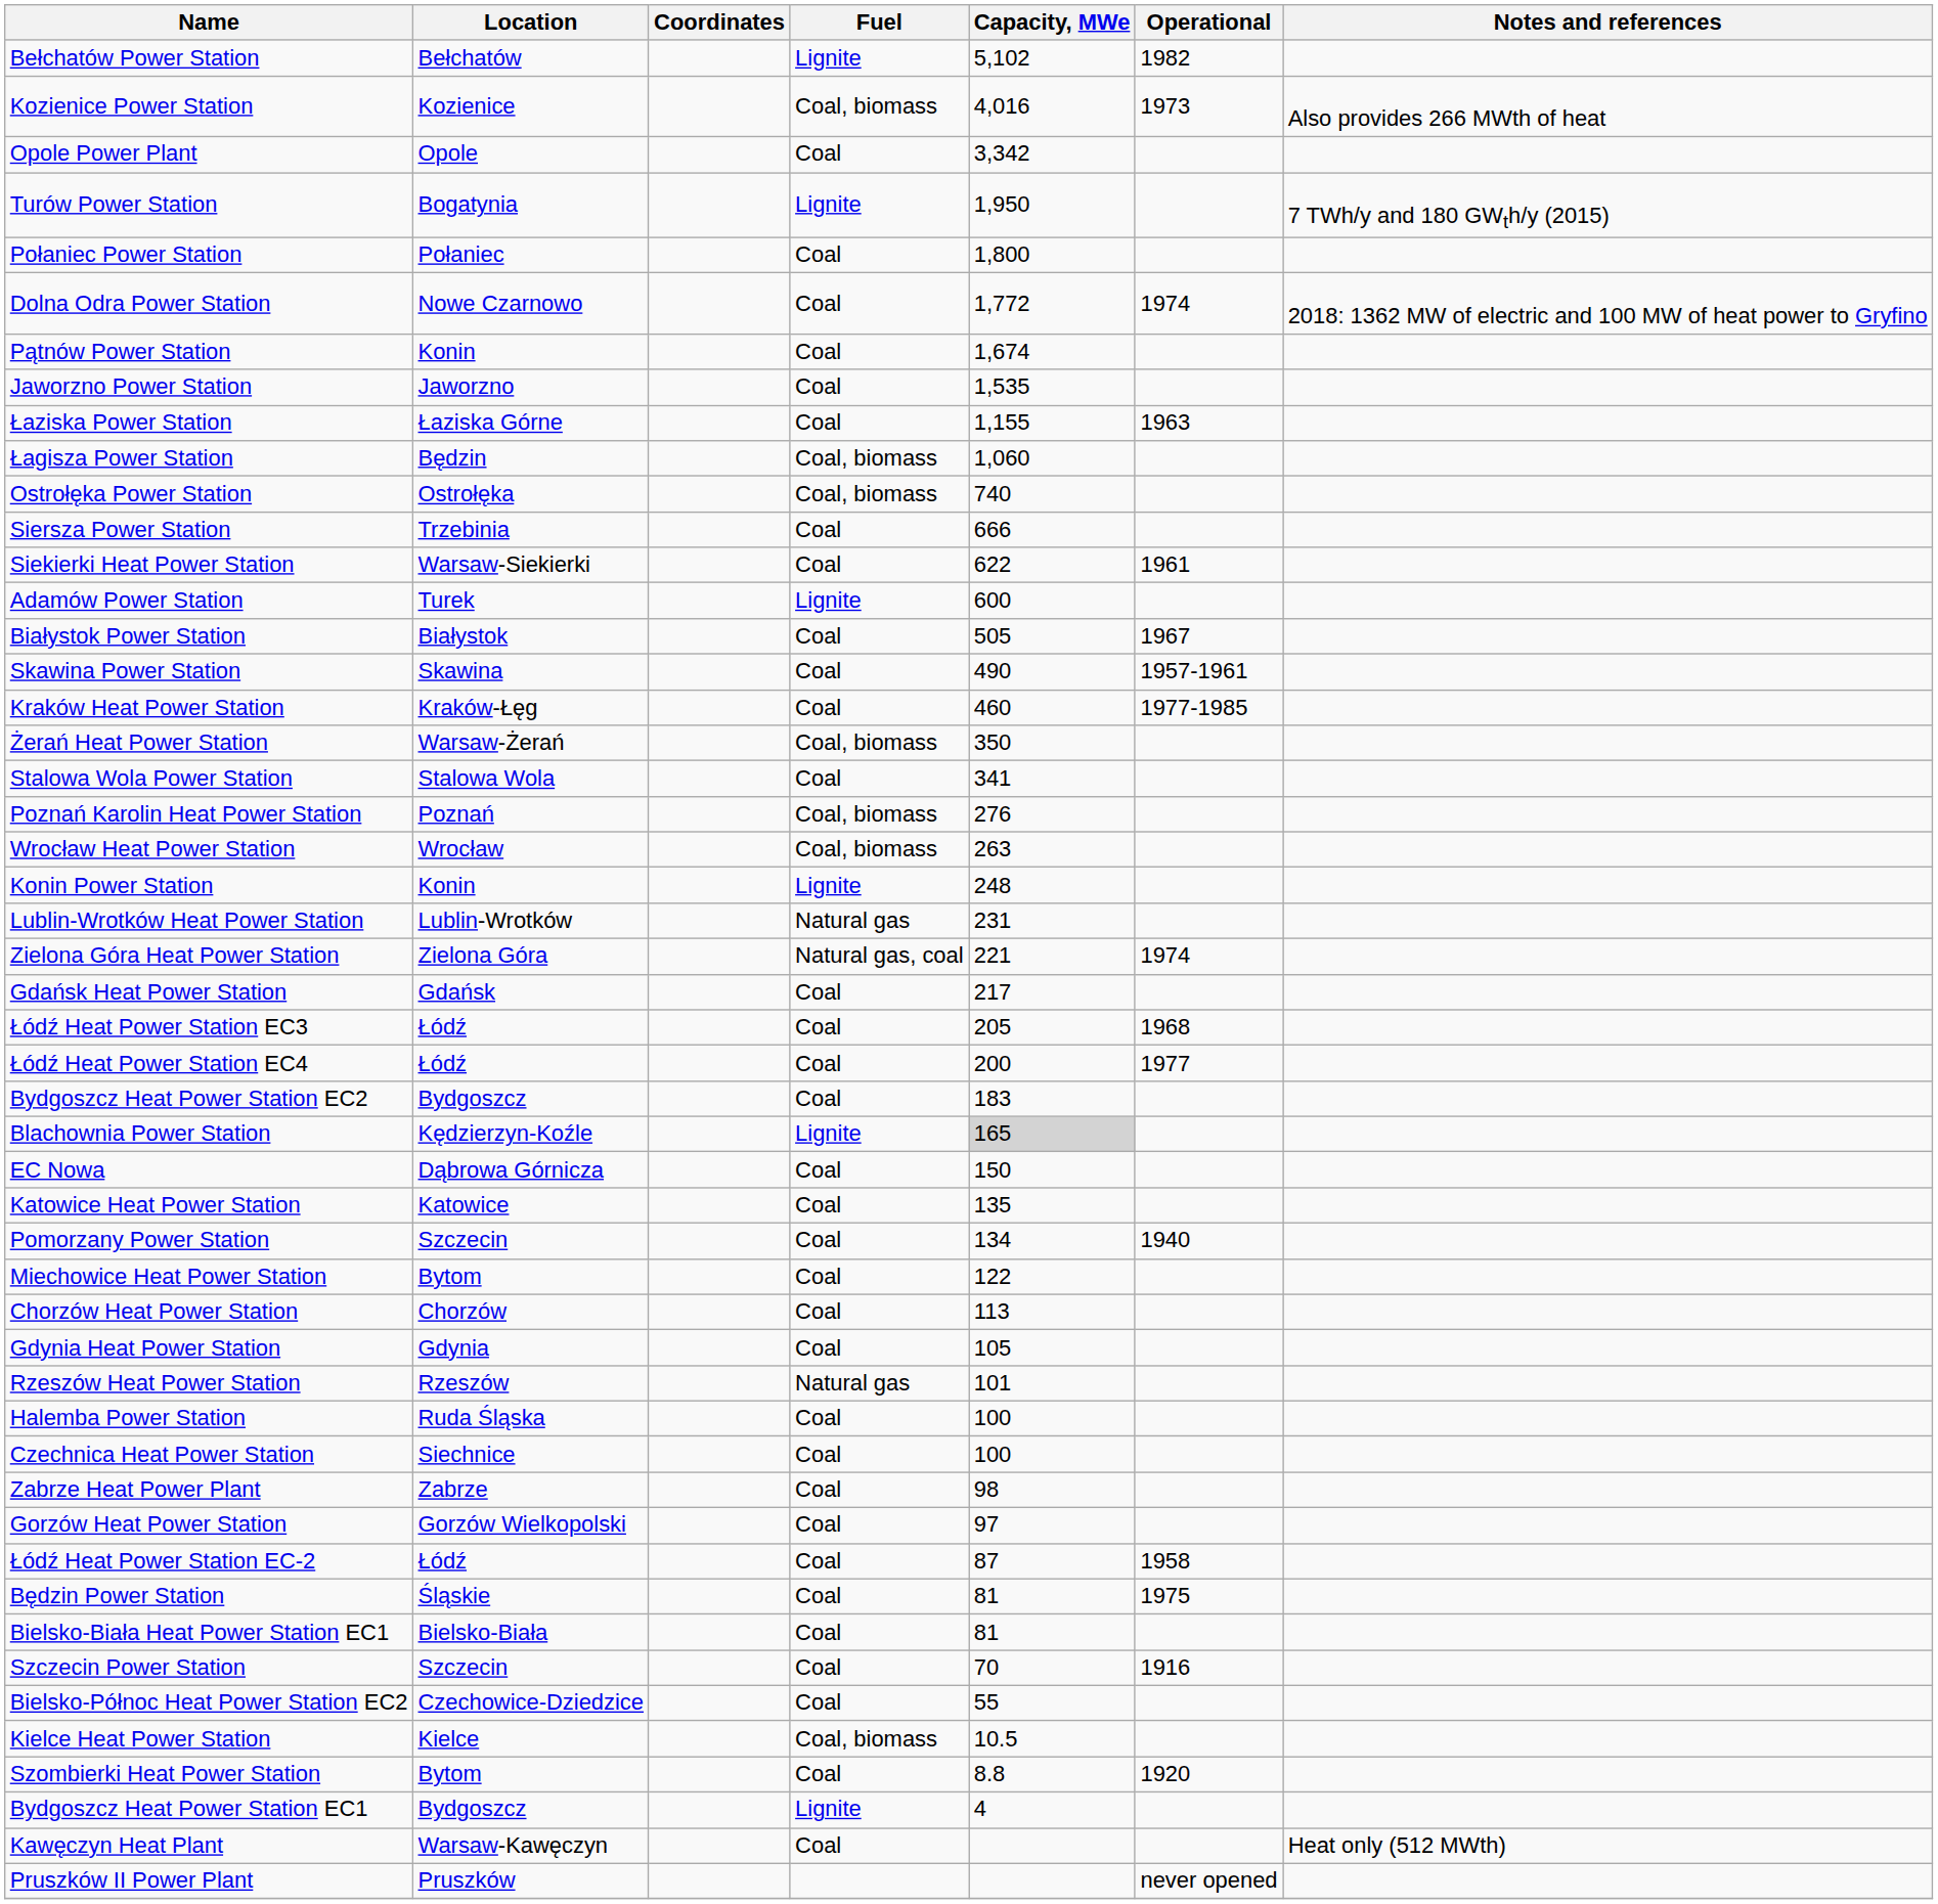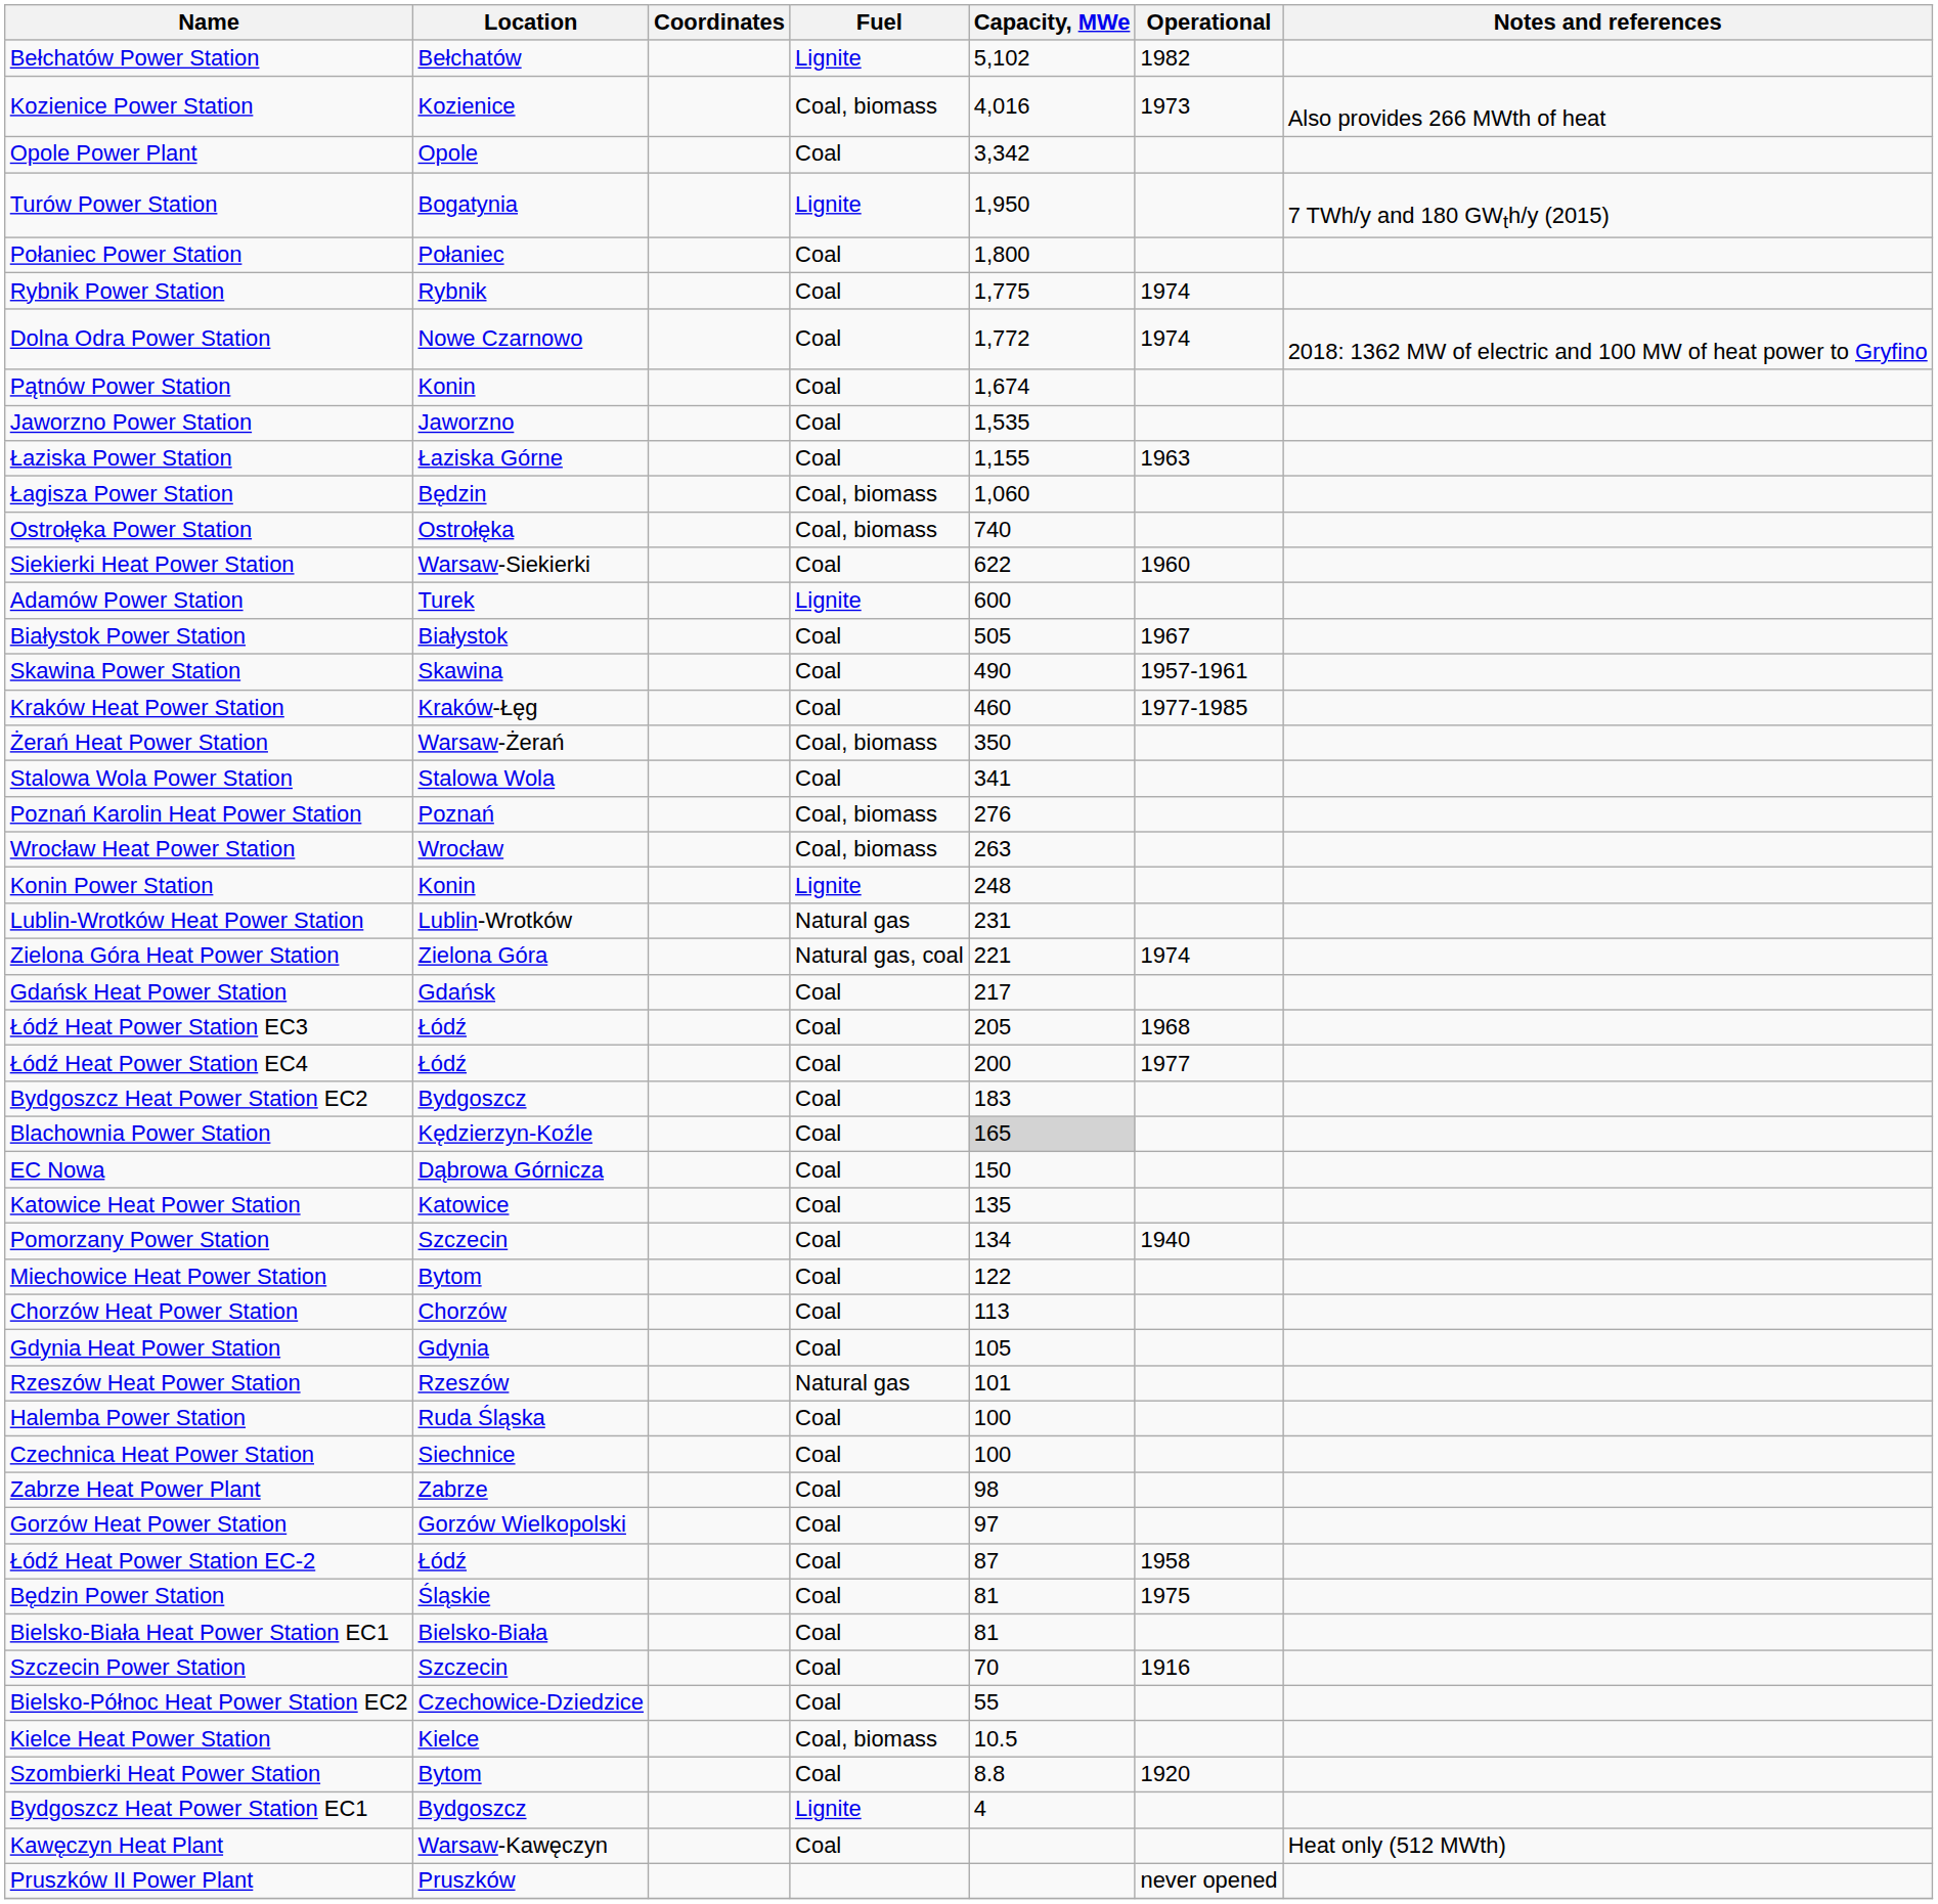 <table class="wikitable sortable">
 <tr>
 <th>Name</th>
 <th>Location</th>
 <th>Coordinates</th>
 <th>Fuel</th>
 <th>Capacity, <a href='#'>MWe</a></th>
 <th>Operational</th>
 <th>Notes and references</th>
 </tr>
 <tr>
 <td><a href='#'>Bełchatów Power Station</a></td>
 <td><a href='#'>Bełchatów</a></td>
 <td></td>
 <td><a href='#'>Lignite</a></td>
 <td>5,102</td>
 <td>1982</td>
 <td><br></td>
 </tr>
 <tr>
 <td><a href='#'>Kozienice Power Station</a></td>
 <td><a href='#'>Kozienice</a></td>
 <td></td>
 <td>Coal, biomass</td>
 <td>4,016</td>
 <td>1973</td>
 <td><br> Also provides 266 MWth of heat</td>
 </tr>
 <tr>
 <td><a href='#'>Opole Power Plant</a></td>
 <td><a href='#'>Opole</a></td>
 <td></td>
 <td>Coal</td>
 <td>3,342</td>
 <td></td>
 <td></td>
 </tr>
 <tr>
 <td><a href='#'>Turów Power Station</a></td>
 <td><a href='#'>Bogatynia</a></td>
 <td></td>
 <td><a href='#'>Lignite</a></td>
 <td>1,950</td>
 <td></td>
 <td><br> 7 TWh/y and 180 GW<sub>t</sub>h/y (2015)</td>
 </tr>
 <tr>
 <td><a href='#'>Połaniec Power Station</a></td>
 <td><a href='#'>Połaniec</a></td>
 <td></td>
 <td>Coal</td>
 <td>1,800</td>
 <td></td>
 <td></td>
 </tr>
 <tr>
+<td><a href='#'>Rybnik Power Station</a></td>
+<td><a href='#'>Rybnik</a></td>
+<td></td>
+<td>Coal</td>
+<td>1,775</td>
+<td>1974</td>
+<td><br></td>
+</tr>
+<tr>
 <td><a href='#'>Dolna Odra Power Station</a></td>
 <td><a href='#'>Nowe Czarnowo</a></td>
 <td></td>
 <td>Coal</td>
 <td>1,772</td>
 <td>1974</td>
 <td><br> 2018: 1362 MW of electric and 100 MW of heat power to <a href='#'>Gryfino</a></td>
 </tr>
 <tr>
 <td><a href='#'>Pątnów Power Station</a></td>
 <td><a href='#'>Konin</a></td>
 <td></td>
 <td>Coal</td>
 <td>1,674</td>
 <td></td>
 <td></td>
 </tr>
 <tr>
 <td><a href='#'>Jaworzno Power Station</a></td>
 <td><a href='#'>Jaworzno</a></td>
 <td></td>
 <td>Coal</td>
 <td>1,535</td>
 <td></td>
 <td><br></td>
 </tr>
 <tr>
 <td><a href='#'>Łaziska Power Station</a></td>
 <td><a href='#'>Łaziska Górne</a></td>
 <td></td>
 <td>Coal</td>
 <td>1,155</td>
 <td>1963</td>
 <td></td>
 </tr>
 <tr>
 <td><a href='#'>Łagisza Power Station</a></td>
 <td><a href='#'>Będzin</a></td>
 <td></td>
 <td>Coal, biomass</td>
 <td>1,060</td>
 <td></td>
 <td></td>
 </tr>
 <tr>
 <td><a href='#'>Ostrołęka Power Station</a></td>
 <td><a href='#'>Ostrołęka</a></td>
 <td></td>
 <td>Coal, biomass</td>
 <td>740</td>
 <td></td>
 <td></td>
 </tr>
 <tr>
-<td><a href='#'>Siersza Power Station</a></td>
-<td><a href='#'>Trzebinia</a></td>
-<td></td>
-<td>Coal</td>
-<td>666</td>
-<td></td>
-<td><br></td>
-</tr>
-<tr>
 <td><a href='#'>Siekierki Heat Power Station</a></td>
 <td><a href='#'>Warsaw</a>-Siekierki</td>
 <td></td>
 <td>Coal</td>
 <td>622</td>
-<td>1961</td>
+<td>1960</td>
 <td></td>
 </tr>
 <tr>
 <td><a href='#'>Adamów Power Station</a></td>
 <td><a href='#'>Turek</a></td>
 <td></td>
 <td><a href='#'>Lignite</a></td>
 <td>600</td>
 <td></td>
 <td></td>
 </tr>
 <tr>
 <td><a href='#'>Białystok Power Station</a></td>
 <td><a href='#'>Białystok</a></td>
 <td></td>
 <td>Coal</td>
 <td>505</td>
 <td>1967</td>
 <td><br></td>
 </tr>
 <tr>
 <td><a href='#'>Skawina Power Station</a></td>
 <td><a href='#'>Skawina</a></td>
 <td></td>
 <td>Coal</td>
 <td>490</td>
 <td>1957-1961</td>
 <td><br></td>
 </tr>
 <tr>
 <td><a href='#'>Kraków Heat Power Station</a></td>
 <td><a href='#'>Kraków</a>-Łęg</td>
 <td></td>
 <td>Coal</td>
 <td>460</td>
 <td>1977-1985</td>
 <td></td>
 </tr>
 <tr>
 <td><a href='#'>Żerań Heat Power Station</a></td>
 <td><a href='#'>Warsaw</a>-Żerań</td>
 <td></td>
 <td>Coal, biomass</td>
 <td>350</td>
 <td></td>
 <td></td>
 </tr>
 <tr>
 <td><a href='#'>Stalowa Wola Power Station</a></td>
 <td><a href='#'>Stalowa Wola</a></td>
 <td></td>
 <td>Coal</td>
 <td>341</td>
 <td></td>
 <td><br></td>
 </tr>
 <tr>
 <td><a href='#'>Poznań Karolin Heat Power Station</a></td>
 <td><a href='#'>Poznań</a></td>
 <td></td>
 <td>Coal, biomass</td>
 <td>276</td>
 <td></td>
 <td><br></td>
 </tr>
 <tr>
 <td><a href='#'>Wrocław Heat Power Station</a></td>
 <td><a href='#'>Wrocław</a></td>
 <td></td>
 <td>Coal, biomass</td>
 <td>263</td>
 <td></td>
 <td><br></td>
 </tr>
 <tr>
 <td><a href='#'>Konin Power Station</a></td>
 <td><a href='#'>Konin</a></td>
 <td></td>
 <td><a href='#'>Lignite</a></td>
 <td>248</td>
 <td></td>
 <td></td>
 </tr>
 <tr>
 <td><a href='#'>Lublin-Wrotków Heat Power Station</a></td>
 <td><a href='#'>Lublin</a>-Wrotków</td>
 <td></td>
 <td>Natural gas</td>
 <td>231</td>
 <td></td>
 <td><br></td>
 </tr>
 <tr>
 <td><a href='#'>Zielona Góra Heat Power Station</a></td>
 <td><a href='#'>Zielona Góra</a></td>
 <td></td>
 <td>Natural gas, coal</td>
 <td>221</td>
 <td>1974</td>
 <td><br></td>
 </tr>
 <tr>
 <td><a href='#'>Gdańsk Heat Power Station</a></td>
 <td><a href='#'>Gdańsk</a></td>
 <td></td>
 <td>Coal</td>
 <td>217</td>
 <td></td>
 <td><br></td>
 </tr>
 <tr>
 <td><a href='#'>Łódź Heat Power Station</a> EC3</td>
 <td><a href='#'>Łódź</a></td>
 <td></td>
 <td>Coal</td>
 <td>205</td>
 <td>1968</td>
 <td><br></td>
 </tr>
 <tr>
 <td><a href='#'>Łódź Heat Power Station</a> EC4</td>
 <td><a href='#'>Łódź</a></td>
 <td></td>
 <td>Coal</td>
 <td>200</td>
 <td>1977</td>
 <td><br></td>
 </tr>
 <tr>
 <td><a href='#'>Bydgoszcz Heat Power Station</a> EC2</td>
 <td><a href='#'>Bydgoszcz</a></td>
 <td></td>
 <td>Coal</td>
 <td>183</td>
 <td></td>
 <td><br></td>
 </tr>
 <tr>
 <td><a href='#'>Blachownia Power Station</a></td>
 <td><a href='#'>Kędzierzyn-Koźle</a></td>
 <td></td>
-<td><a href='#'>Lignite</a></td>
+<td>Coal</td>
 <td style="background: lightgrey;">165</td>
 <td></td>
 <td><br></td>
 </tr>
 <tr>
 <td><a href='#'>EC Nowa</a></td>
 <td><a href='#'>Dąbrowa Górnicza</a></td>
 <td></td>
 <td>Coal</td>
 <td>150</td>
 <td></td>
 <td></td>
 </tr>
 <tr>
 <td><a href='#'>Katowice Heat Power Station</a></td>
 <td><a href='#'>Katowice</a></td>
 <td></td>
 <td>Coal</td>
 <td>135</td>
 <td></td>
 <td><br></td>
 </tr>
 <tr>
 <td><a href='#'>Pomorzany Power Station</a></td>
 <td><a href='#'>Szczecin</a></td>
 <td></td>
 <td>Coal</td>
 <td>134</td>
 <td>1940</td>
 <td><br></td>
 </tr>
 <tr>
 <td><a href='#'>Miechowice Heat Power Station</a></td>
 <td><a href='#'>Bytom</a></td>
 <td></td>
 <td>Coal</td>
 <td>122</td>
 <td></td>
 <td></td>
 </tr>
 <tr>
 <td><a href='#'>Chorzów Heat Power Station</a></td>
 <td><a href='#'>Chorzów</a></td>
 <td></td>
 <td>Coal</td>
 <td>113</td>
 <td></td>
 <td><br></td>
 </tr>
 <tr>
 <td><a href='#'>Gdynia Heat Power Station</a></td>
 <td><a href='#'>Gdynia</a></td>
 <td></td>
 <td>Coal</td>
 <td>105</td>
 <td></td>
 <td></td>
 </tr>
 <tr>
 <td><a href='#'>Rzeszów Heat Power Station</a></td>
 <td><a href='#'>Rzeszów</a></td>
 <td></td>
 <td>Natural gas</td>
 <td>101</td>
 <td></td>
 <td><br></td>
 </tr>
 <tr>
 <td><a href='#'>Halemba Power Station</a></td>
 <td><a href='#'>Ruda Śląska</a></td>
 <td></td>
 <td>Coal</td>
 <td>100</td>
 <td></td>
 <td><br></td>
 </tr>
 <tr>
 <td><a href='#'>Czechnica Heat Power Station</a></td>
 <td><a href='#'>Siechnice</a></td>
 <td></td>
 <td>Coal</td>
 <td>100</td>
 <td></td>
 <td></td>
 </tr>
 <tr>
 <td><a href='#'>Zabrze Heat Power Plant</a></td>
 <td><a href='#'>Zabrze</a></td>
 <td></td>
 <td>Coal</td>
 <td>98</td>
 <td></td>
 <td></td>
 </tr>
 <tr>
 <td><a href='#'>Gorzów Heat Power Station</a></td>
 <td><a href='#'>Gorzów Wielkopolski</a></td>
 <td></td>
 <td>Coal</td>
 <td>97</td>
 <td></td>
 <td><br></td>
 </tr>
 <tr>
 <td><a href='#'>Łódź Heat Power Station EC-2</a></td>
 <td><a href='#'>Łódź</a></td>
 <td></td>
 <td>Coal</td>
 <td>87</td>
 <td>1958</td>
 <td><br></td>
 </tr>
 <tr>
 <td><a href='#'>Będzin Power Station</a></td>
 <td><a href='#'>Śląskie</a></td>
 <td></td>
 <td>Coal</td>
 <td>81</td>
 <td>1975</td>
 <td></td>
 </tr>
 <tr>
 <td><a href='#'>Bielsko-Biała Heat Power Station</a> EC1</td>
 <td><a href='#'>Bielsko-Biała</a></td>
 <td></td>
 <td>Coal</td>
 <td>81</td>
 <td></td>
 <td><br></td>
 </tr>
 <tr>
 <td><a href='#'>Szczecin Power Station</a></td>
 <td><a href='#'>Szczecin</a></td>
 <td></td>
 <td>Coal</td>
 <td>70</td>
 <td>1916</td>
 <td><br></td>
 </tr>
 <tr>
 <td><a href='#'>Bielsko-Północ Heat Power Station</a> EC2</td>
 <td><a href='#'>Czechowice-Dziedzice</a></td>
 <td></td>
 <td>Coal</td>
 <td>55</td>
 <td></td>
 <td><br></td>
 </tr>
 <tr>
 <td><a href='#'>Kielce Heat Power Station</a></td>
 <td><a href='#'>Kielce</a></td>
 <td></td>
 <td>Coal, biomass</td>
 <td>10.5</td>
 <td></td>
 <td><br></td>
 </tr>
 <tr>
 <td><a href='#'>Szombierki Heat Power Station</a></td>
 <td><a href='#'>Bytom</a></td>
 <td></td>
 <td>Coal</td>
 <td>8.8</td>
 <td>1920</td>
 <td></td>
 </tr>
 <tr>
 <td><a href='#'>Bydgoszcz Heat Power Station</a> EC1</td>
 <td><a href='#'>Bydgoszcz</a></td>
 <td></td>
 <td><a href='#'>Lignite</a></td>
 <td>4</td>
 <td></td>
 <td><br></td>
 </tr>
 <tr>
 <td><a href='#'>Kawęczyn Heat Plant</a></td>
 <td><a href='#'>Warsaw</a>-Kawęczyn</td>
 <td></td>
 <td>Coal</td>
 <td></td>
 <td></td>
 <td>Heat only (512 MWth)</td>
 </tr>
 <tr>
 <td><a href='#'>Pruszków II Power Plant</a></td>
 <td><a href='#'>Pruszków</a></td>
 <td></td>
 <td></td>
 <td></td>
 <td>never opened</td>
 <td></td>
 </tr>
 <tr>
 </tr>
 </table>
